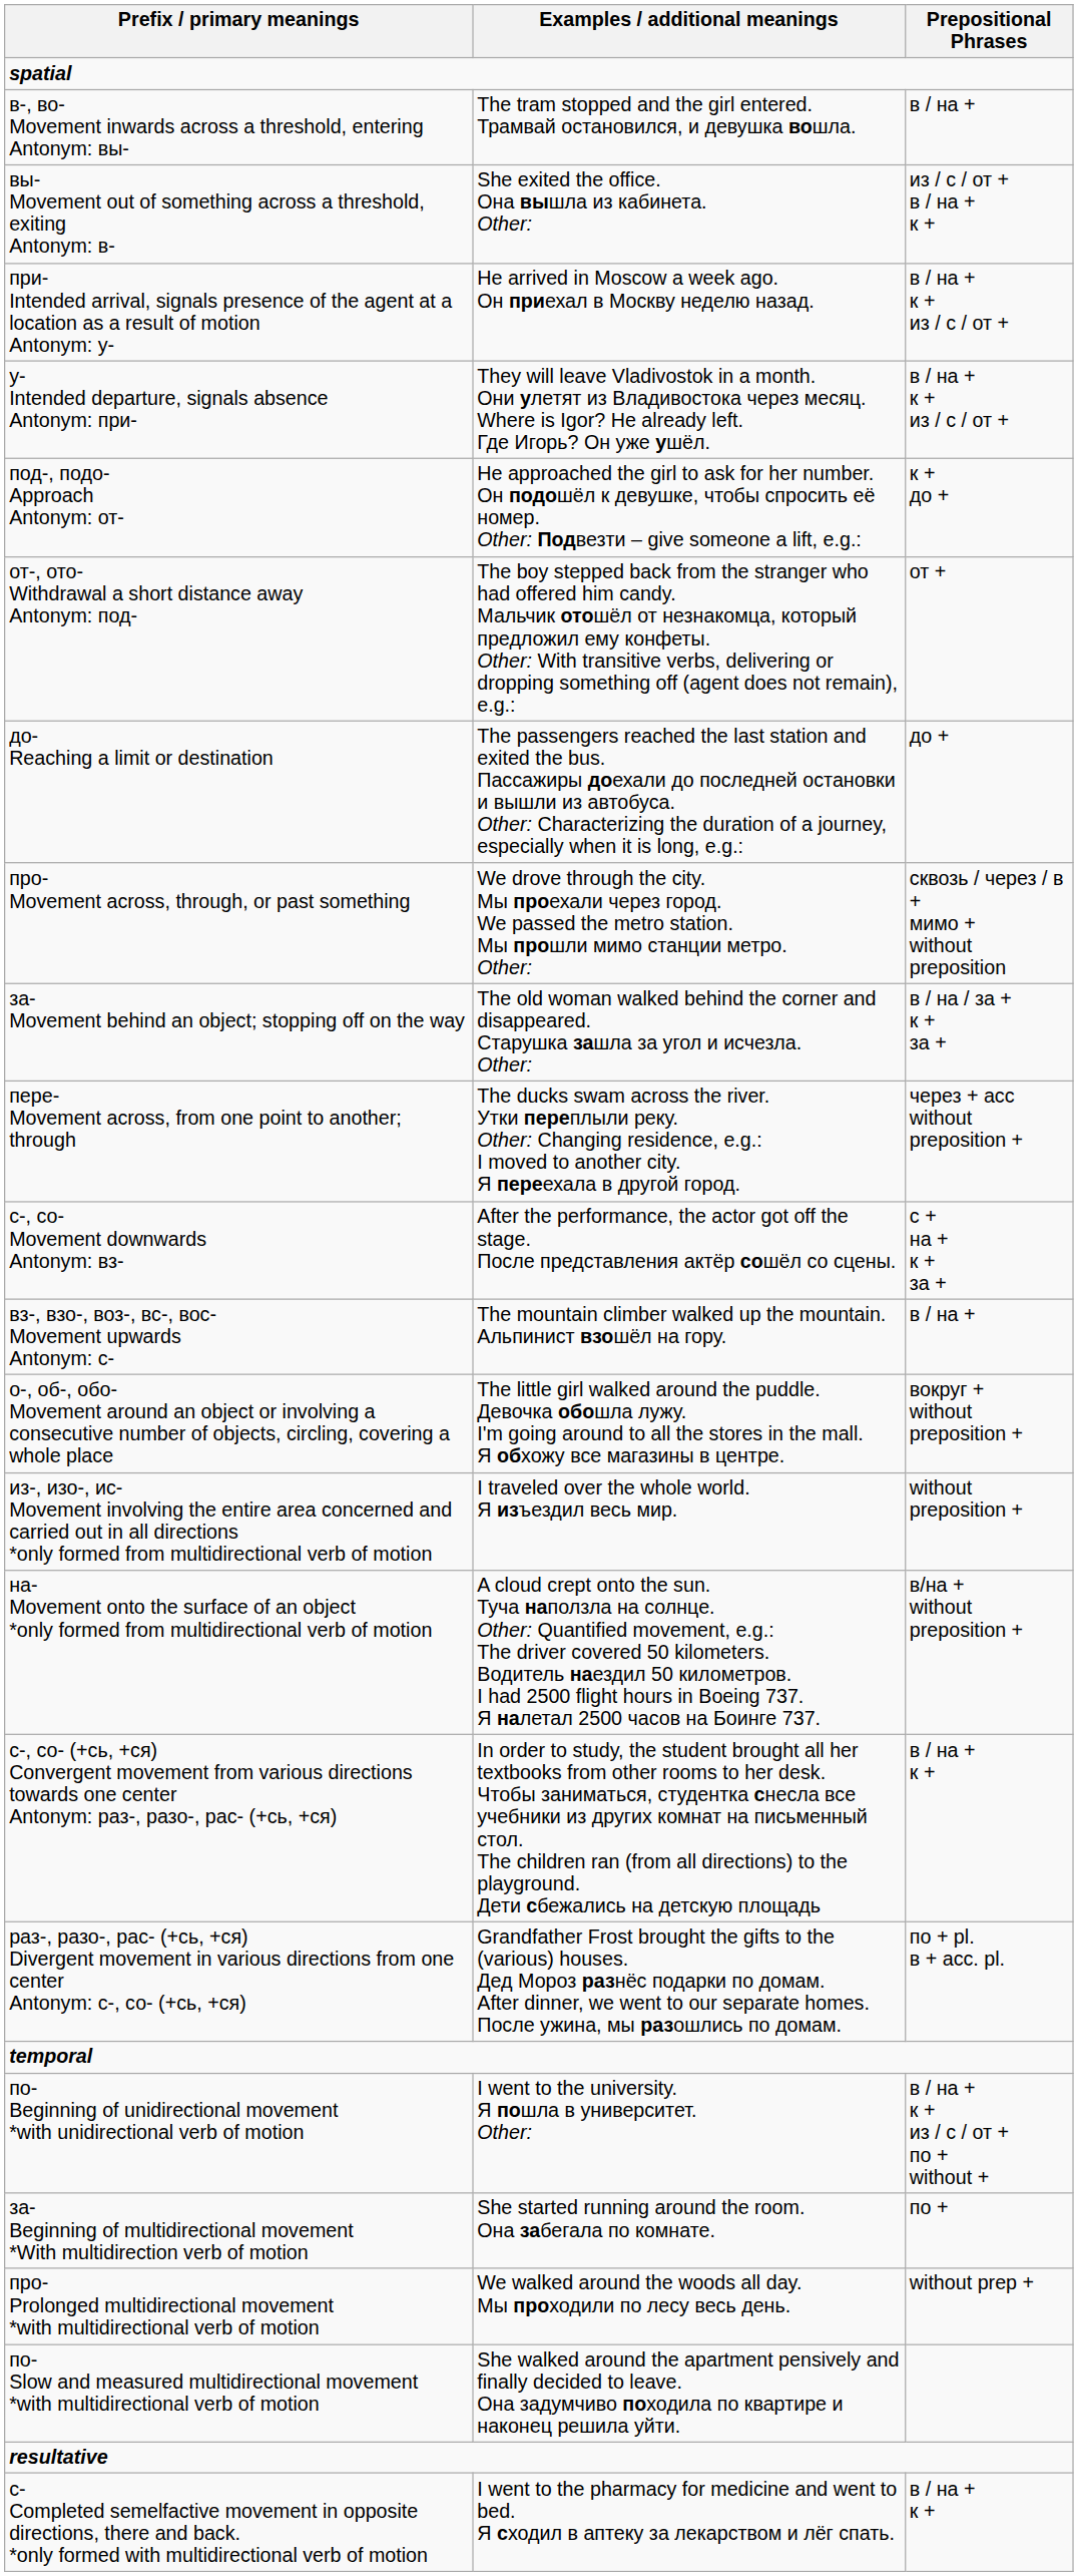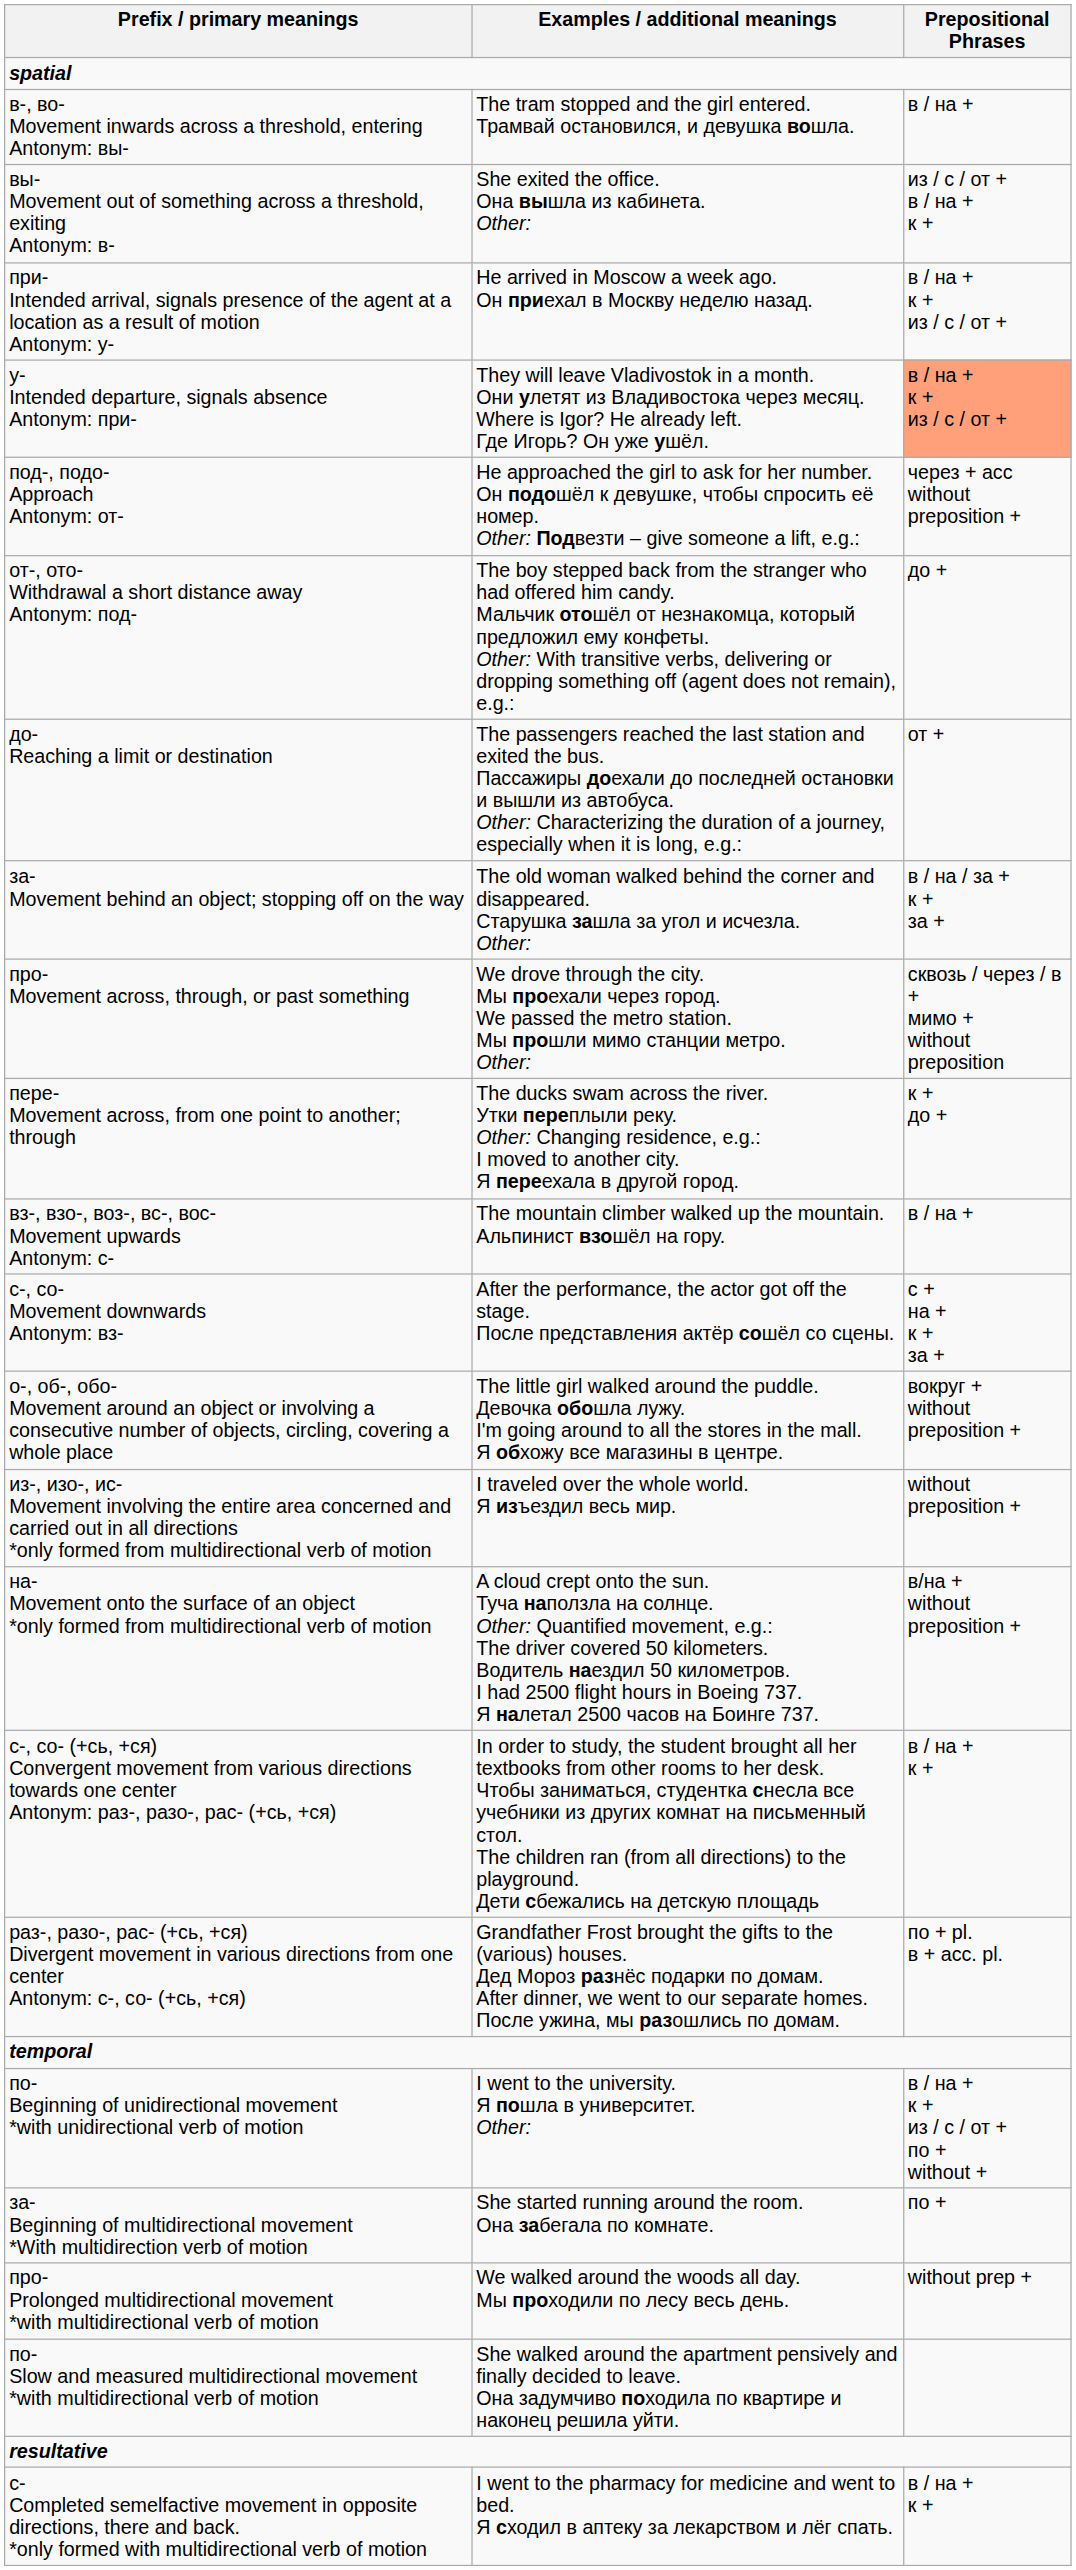 <table class="wikitable">
 <tr style="vertical-align: top;">
 <th>Prefix / primary meanings</th>
 <th>Examples / additional meanings</th>
 <th>Prepositional Phrases</th>
 </tr>
 <tr style="vertical-align: top;">
 <td colspan="3"><strong><em>spatial</em></strong></td>
 </tr>
 <tr style="vertical-align: top;">
 <td>в-, во-<br>Movement inwards across a threshold, entering<br>Antonym: вы-</td>
 <td>The tram stopped and the girl entered.<br>Трамвай остановился, и девушка <strong>во</strong>шла.</td>
 <td>в / на + </td>
 </tr>
 <tr style="vertical-align: top;">
 <td>вы-<br>Movement out of something across a threshold, exiting<br>Antonym: в-</td>
 <td>She exited the office.<br>Она <strong>вы</strong>шла из кабинета.<br><em>Other:</em> </td>
 <td>из / с / от + <br>в / на + <br>к + </td>
 </tr>
 <tr style="vertical-align: top;">
 <td>при-<br>Intended arrival, signals presence of the agent at a location as a result of motion<br>Antonym: у-</td>
 <td>He arrived in Moscow a week ago.<br>Он <strong>при</strong>ехал в Москву неделю назад.</td>
 <td>в / на + <br>к + <br>из / с / от + </td>
 </tr>
 <tr style="vertical-align: top;">
 <td>у-<br>Intended departure, signals absence<br>Antonym: при-</td>
 <td>They will leave Vladivostok in a month.<br>Они <strong>у</strong>летят из Владивостока через месяц.<br>Where is Igor? He already left.<br>Где Игорь? Он уже <strong>у</strong>шёл.</td>
-<td>в / на + <br>к + <br>из / с / от + </td>
+<td style="background: lightsalmon;">в / на + <br>к + <br>из / с / от + </td>
 </tr>
 <tr style="vertical-align: top;">
 <td>под-, подо-<br>Approach<br>Antonym: от-</td>
 <td>He approached the girl to ask for her number.<br>Он <strong>подо</strong>шёл к девушке, чтобы спросить её номер.<br><em>Other:</em> <strong>Под</strong>везти – give someone a lift, e.g.:</td>
-<td>к + <br>до + </td>
+<td>через + acc<br>without preposition + </td>
 </tr>
 <tr style="vertical-align: top;">
 <td>от-, ото-<br>Withdrawal a short distance away<br>Antonym: под-</td>
 <td>The boy stepped back from the stranger who had offered him candy.<br>Мальчик <strong>ото</strong>шёл от незнакомца, который предложил ему конфеты.<br><em>Other:</em> With transitive verbs, delivering or dropping something off (agent does not remain), e.g.:</td>
-<td>от + </td>
+<td>до + </td>
 </tr>
 <tr style="vertical-align: top;">
 <td>до-<br>Reaching a limit or destination</td>
 <td>The passengers reached the last station and exited the bus.<br>Пассажиры <strong>до</strong>ехали до последней остановки и вышли из автобуса.<br><em>Other:</em> Characterizing the duration of a journey, especially when it is long, e.g.:</td>
-<td>до + </td>
+<td>от + </td>
+</tr>
+<tr style="vertical-align: top;">
+<td>за-<br>Movement behind an object; stopping off on the way</td>
+<td>The old woman walked behind the corner and disappeared.<br>Старушка <strong>за</strong>шла за угол и исчезла.<br><em>Other:</em> </td>
+<td>в / на / за + <br>к + <br>за + </td>
 </tr>
 <tr style="vertical-align: top;">
 <td>про-<br>Movement across, through, or past something</td>
 <td>We drove through the city.<br>Мы <strong>про</strong>ехали через город.<br>We passed the metro station.<br>Мы <strong>про</strong>шли мимо станции метро.<br><em>Other:</em> </td>
 <td>сквозь / через / в + <br>мимо + <br>without preposition</td>
 </tr>
 <tr style="vertical-align: top;">
-<td>за-<br>Movement behind an object; stopping off on the way</td>
-<td>The old woman walked behind the corner and disappeared.<br>Старушка <strong>за</strong>шла за угол и исчезла.<br><em>Other:</em> </td>
-<td>в / на / за + <br>к + <br>за + </td>
+<td>пере-<br>Movement across, from one point to another; through</td>
+<td>The ducks swam across the river.<br>Утки <strong>пере</strong>плыли реку.<br><em>Other:</em> Changing residence, e.g.:<br>I moved to another city.<br>Я <strong>пере</strong>ехала в другой город.</td>
+<td>к + <br>до + </td>
 </tr>
 <tr style="vertical-align: top;">
-<td>пере-<br>Movement across, from one point to another; through</td>
-<td>The ducks swam across the river.<br>Утки <strong>пере</strong>плыли реку.<br><em>Other:</em> Changing residence, e.g.:<br>I moved to another city.<br>Я <strong>пере</strong>ехала в другой город.</td>
-<td>через + acc<br>without preposition + </td>
+<td>вз-, взо-, воз-, вс-, вос-<br>Movement upwards<br>Antonym: с-</td>
+<td>The mountain climber walked up the mountain.<br>Альпинист <strong>взо</strong>шёл на гору.</td>
+<td>в / на + </td>
 </tr>
 <tr style="vertical-align: top;">
 <td>с-, со-<br>Movement downwards<br>Antonym: вз-</td>
 <td>After the performance, the actor got off the stage.<br>После представления актёр <strong>со</strong>шёл со сцены.</td>
 <td>c + <br>на + <br>к + <br>за + </td>
-</tr>
-<tr style="vertical-align: top;">
-<td>вз-, взо-, воз-, вс-, вос-<br>Movement upwards<br>Antonym: с-</td>
-<td>The mountain climber walked up the mountain.<br>Альпинист <strong>взо</strong>шёл на гору.</td>
-<td>в / на + </td>
 </tr>
 <tr style="vertical-align: top;">
 <td>о-, об-, обо-<br>Movement around an object or involving a consecutive number of objects, circling, covering a whole place</td>
 <td>The little girl walked around the puddle.<br>Девочка <strong>обо</strong>шла лужу.<br>I'm going around to all the stores in the mall.<br>Я <strong>об</strong>хожу все магазины в центре.</td>
 <td>вокруг + <br>without preposition + </td>
 </tr>
 <tr style="vertical-align: top;">
 <td>из-, изо-, ис-<br>Movement involving the entire area concerned and carried out in all directions<br>*only formed from multidirectional verb of motion</td>
 <td>I traveled over the whole world.<br>Я <strong>из</strong>ъездил весь мир.</td>
 <td>without preposition + </td>
 </tr>
 <tr style="vertical-align: top;">
 <td>на-<br>Movement onto the surface of an object<br>*only formed from multidirectional verb of motion</td>
 <td>A cloud crept onto the sun.<br>Туча <strong>на</strong>ползла на солнце.<br><em>Other:</em> Quantified movement, e.g.:<br>The driver covered 50 kilometers.<br>Водитель <strong>на</strong>ездил 50 километров.<br>I had 2500 flight hours in Boeing 737.<br>Я <strong>на</strong>летал 2500 часов на Боинге 737.</td>
 <td>в/на + <br>without preposition + </td>
 </tr>
 <tr style="vertical-align: top;">
 <td>с-, со- (+сь, +ся)<br>Convergent movement from various directions towards one center<br>Antonym: раз-, разо-, рас- (+сь, +ся)</td>
 <td>In order to study, the student brought all her textbooks from other rooms to her desk.<br>Чтобы заниматься, студентка <strong>с</strong>несла все учебники из других комнат на письменный стол.<br>The children ran (from all directions) to the playground.<br>Дети <strong>с</strong>бежались на детскую площадь</td>
 <td>в / на + <br>к + </td>
 </tr>
 <tr style="vertical-align: top;">
 <td>раз-, разо-, рас- (+сь, +ся)<br>Divergent movement in various directions from one center<br>Antonym: с-, со- (+сь, +ся)</td>
 <td>Grandfather Frost brought the gifts to the (various) houses.<br>Дед Мороз <strong>раз</strong>нёс подарки по домам.<br>After dinner, we went to our separate homes.<br>После ужина, мы <strong>раз</strong>ошлись по домам.</td>
 <td>по +  pl.<br>в + асс. pl.</td>
 </tr>
 <tr style="vertical-align: top;">
 <td colspan="3"><strong><em>temporal</em></strong></td>
 </tr>
 <tr style="vertical-align: top;">
 <td>по-<br>Beginning of unidirectional movement<br>*with unidirectional verb of motion</td>
 <td>I went to the university.<br>Я <strong>по</strong>шла в университет.<br><em>Other:</em> </td>
 <td>в / на + <br>к + <br>из / с / от + <br>по + <br>without  + </td>
 </tr>
 <tr style="vertical-align: top;">
 <td>за-<br>Beginning of multidirectional movement<br>*With multidirection verb of motion</td>
 <td>She started running around the room.<br>Она <strong>за</strong>бегала по комнате.</td>
 <td>по + </td>
 </tr>
 <tr style="vertical-align: top;">
 <td>про-<br>Prolonged multidirectional movement<br>*with multidirectional verb of motion</td>
 <td>We walked around the woods all day.<br>Мы <strong>про</strong>ходили по лесу весь день.</td>
 <td>without prep + </td>
 </tr>
 <tr style="vertical-align: top;">
 <td>по-<br>Slow and measured multidirectional movement<br>*with multidirectional verb of motion</td>
 <td>She walked around the apartment pensively and finally decided to leave.<br>Она задумчиво <strong>по</strong>ходила по квартире и наконец решила уйти.</td>
 </tr>
 <tr style="vertical-align: top;">
 <td colspan="3"><strong><em>resultative</em></strong></td>
 </tr>
 <tr style="vertical-align: top;">
 <td>с-<br>Completed semelfactive movement in opposite directions, there and back.<br>*only formed with multidirectional verb of motion</td>
 <td>I went to the pharmacy for medicine and went to bed.<br>Я <strong>с</strong>ходил в аптеку за лекарством и лёг спать.</td>
 <td>в / на + <br>к + </td>
 </tr>
 </table>
